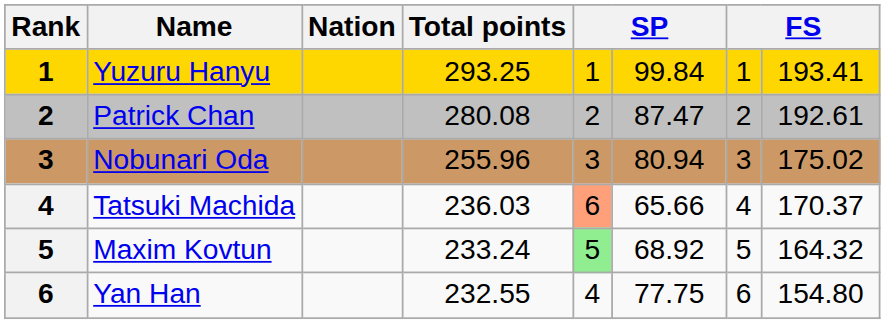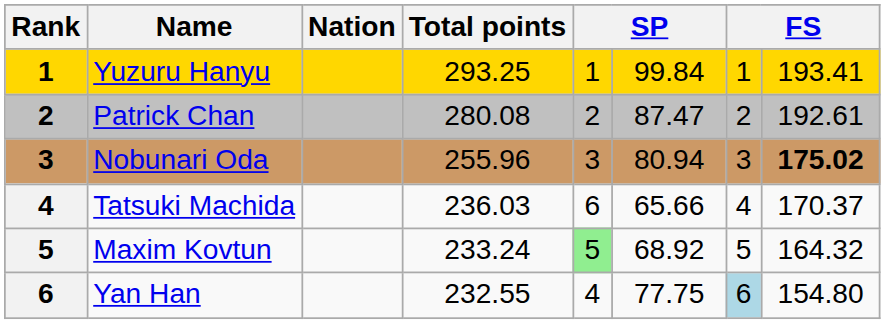 <table class="wikitable sortable">
 <tr>
 <th>Rank</th>
 <th>Name</th>
 <th>Nation</th>
 <th>Total points</th>
 <th colspan="2" width="80px"><a href='#'>SP</a></th>
 <th colspan="2" width="80px"><a href='#'>FS</a></th>
 </tr>
 <tr bgcolor="gold">
 <td align="center"><strong>1</strong></td>
 <td><a href='#'>Yuzuru Hanyu</a></td>
 <td></td>
 <td align="center">293.25</td>
 <td align="center">1</td>
 <td align="center">99.84</td>
 <td align="center">1</td>
 <td align="center">193.41</td>
 </tr>
 <tr bgcolor="silver">
 <td align="center"><strong>2</strong></td>
 <td><a href='#'>Patrick Chan</a></td>
 <td></td>
 <td align="center">280.08</td>
 <td align="center">2</td>
 <td align="center">87.47</td>
 <td align="center">2</td>
 <td align="center">192.61</td>
 </tr>
 <tr bgcolor="cc9966">
 <td align="center"><strong>3</strong></td>
 <td><a href='#'>Nobunari Oda</a></td>
 <td></td>
 <td align="center">255.96</td>
 <td align="center">3</td>
 <td align="center">80.94</td>
 <td align="center">3</td>
-<td align="center">175.02</td>
+<td align="center"><strong>175.02</strong></td>
 </tr>
 <tr>
 <th>4</th>
 <td><a href='#'>Tatsuki Machida</a></td>
 <td></td>
 <td style="text-align: center;">236.03</td>
-<td style="background: lightsalmon; text-align: center;">6</td>
+<td style="text-align: center;">6</td>
 <td style="text-align: center;">65.66</td>
 <td style="text-align: center;">4</td>
 <td style="text-align: center;">170.37</td>
 </tr>
 <tr>
 <th>5</th>
 <td><a href='#'>Maxim Kovtun</a></td>
 <td></td>
 <td style="text-align: center;">233.24</td>
 <td style="background: lightgreen; text-align: center;">5</td>
 <td style="text-align: center;">68.92</td>
 <td style="text-align: center;">5</td>
 <td style="text-align: center;">164.32</td>
 </tr>
 <tr>
 <th>6</th>
 <td><a href='#'>Yan Han</a></td>
 <td></td>
 <td style="text-align: center;">232.55</td>
 <td style="text-align: center;">4</td>
 <td style="text-align: center;">77.75</td>
-<td style="text-align: center;">6</td>
+<td style="background: lightblue; text-align: center;">6</td>
 <td style="text-align: center;">154.80</td>
 </tr>
 </table>
